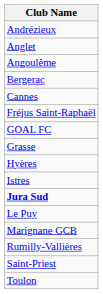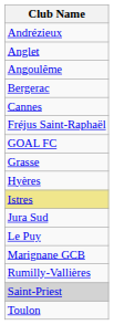 <table class="wikitable">
 <tr>
 <th>Club Name</th>
 </tr>
 <tr>
 <td><a href='#'>Andrézieux</a></td>
 </tr>
 <tr>
 <td><a href='#'>Anglet</a></td>
 </tr>
 <tr>
 <td><a href='#'>Angoulême</a></td>
 </tr>
 <tr>
 <td><a href='#'>Bergerac</a></td>
 </tr>
 <tr>
 <td><a href='#'>Cannes</a></td>
 </tr>
 <tr>
 <td><a href='#'>Fréjus Saint-Raphaël</a></td>
 </tr>
 <tr>
 <td><a href='#'>GOAL FC</a></td>
 </tr>
 <tr>
 <td><a href='#'>Grasse</a></td>
 </tr>
 <tr>
 <td><a href='#'>Hyères</a></td>
 </tr>
 <tr>
-<td><a href='#'>Istres</a></td>
+<td style="background: khaki;"><a href='#'>Istres</a></td>
 </tr>
 <tr>
-<td><strong><a href='#'>Jura Sud</a></strong></td>
+<td><a href='#'>Jura Sud</a></td>
 </tr>
 <tr>
 <td><a href='#'>Le Puy</a></td>
 </tr>
 <tr>
 <td><a href='#'>Marignane GCB</a></td>
 </tr>
 <tr>
 <td><a href='#'>Rumilly-Vallières</a></td>
 </tr>
 <tr>
-<td><a href='#'>Saint-Priest</a></td>
+<td style="background: lightgrey;"><a href='#'>Saint-Priest</a></td>
 </tr>
 <tr>
 <td><a href='#'>Toulon</a></td>
 </tr>
 </table>
